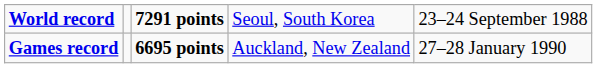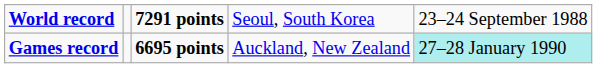 <table class="wikitable">
 <tr>
 <td><a href='#'><strong>World record</strong></a></td>
 <td></td>
 <td><strong>7291 points</strong></td>
 <td><a href='#'>Seoul</a>, <a href='#'>South Korea</a></td>
 <td>23–24 September 1988</td>
 </tr>
 <tr>
 <td><a href='#'><strong>Games record</strong></a></td>
 <td></td>
 <td><strong>6695 points</strong></td>
 <td><a href='#'>Auckland</a>, <a href='#'>New Zealand</a></td>
-<td>27–28 January 1990</td>
+<td style="background: paleturquoise;">27–28 January 1990</td>
 </tr>
 </table>
